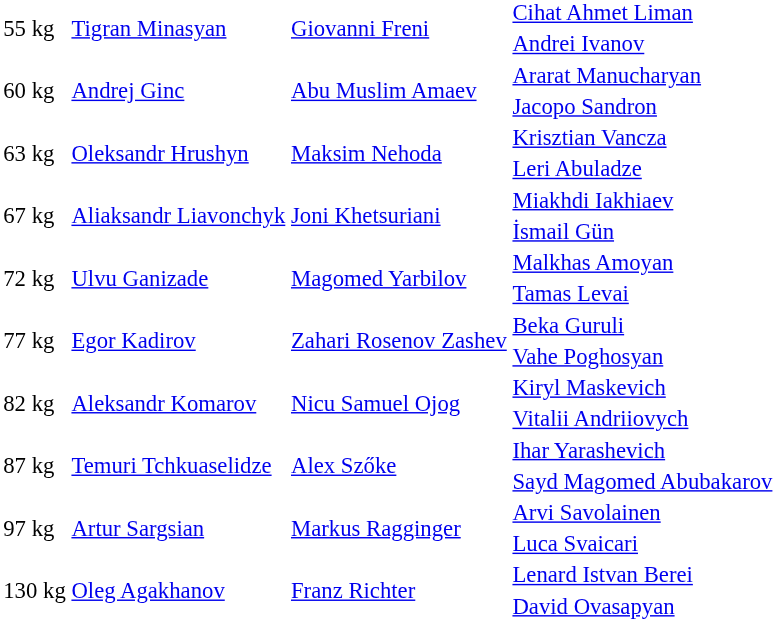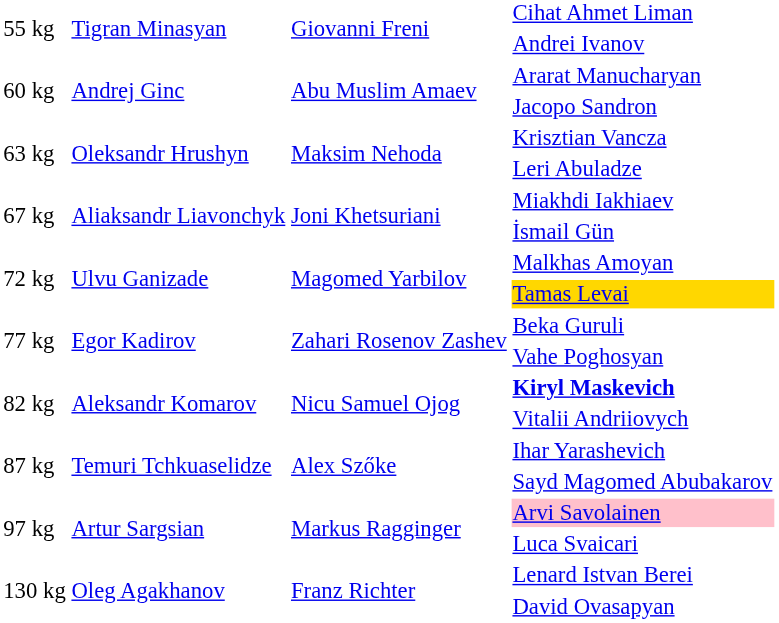 <table>
 <tr>
 <td rowspan=2>55 kg</td>
 <td rowspan=2> <a href='#'>Tigran Minasyan</a></td>
 <td rowspan=2> <a href='#'>Giovanni Freni</a></td>
 <td> <a href='#'>Cihat Ahmet Liman</a></td>
 </tr>
 <tr>
 <td> <a href='#'>Andrei Ivanov</a></td>
 </tr>
 <tr>
 <td rowspan=2>60 kg</td>
 <td rowspan=2> <a href='#'>Andrej Ginc</a></td>
 <td rowspan=2> <a href='#'>Abu Muslim Amaev</a></td>
 <td> <a href='#'>Ararat Manucharyan</a></td>
 </tr>
 <tr>
 <td> <a href='#'>Jacopo Sandron</a></td>
 </tr>
 <tr>
 <td rowspan=2>63 kg</td>
 <td rowspan=2> <a href='#'>Oleksandr Hrushyn</a></td>
 <td rowspan=2> <a href='#'>Maksim Nehoda</a></td>
 <td> <a href='#'>Krisztian Vancza</a></td>
 </tr>
 <tr>
 <td> <a href='#'>Leri Abuladze</a></td>
 </tr>
 <tr>
 <td rowspan=2>67 kg</td>
 <td rowspan=2> <a href='#'>Aliaksandr Liavonchyk</a></td>
 <td rowspan=2> <a href='#'>Joni Khetsuriani</a></td>
 <td> <a href='#'>Miakhdi Iakhiaev</a></td>
 </tr>
 <tr>
 <td> <a href='#'>İsmail Gün</a></td>
 </tr>
 <tr>
 <td rowspan=2>72 kg</td>
 <td rowspan=2> <a href='#'>Ulvu Ganizade</a></td>
 <td rowspan=2> <a href='#'>Magomed Yarbilov</a></td>
 <td> <a href='#'>Malkhas Amoyan</a></td>
 </tr>
 <tr>
-<td> <a href='#'>Tamas Levai</a></td>
+<td style="background: gold;"> <a href='#'>Tamas Levai</a></td>
 </tr>
 <tr>
 <td rowspan=2>77 kg</td>
 <td rowspan=2> <a href='#'>Egor Kadirov</a></td>
 <td rowspan=2> <a href='#'>Zahari Rosenov Zashev</a></td>
 <td> <a href='#'>Beka Guruli</a></td>
 </tr>
 <tr>
 <td> <a href='#'>Vahe Poghosyan</a></td>
 </tr>
 <tr>
 <td rowspan=2>82 kg</td>
 <td rowspan=2> <a href='#'>Aleksandr Komarov</a></td>
 <td rowspan=2> <a href='#'>Nicu Samuel Ojog</a></td>
-<td> <a href='#'>Kiryl Maskevich</a></td>
+<td><strong> <a href='#'>Kiryl Maskevich</a></strong></td>
 </tr>
 <tr>
 <td> <a href='#'>Vitalii Andriiovych</a></td>
 </tr>
 <tr>
 <td rowspan=2>87 kg</td>
 <td rowspan=2> <a href='#'>Temuri Tchkuaselidze</a></td>
 <td rowspan=2> <a href='#'>Alex Szőke</a></td>
 <td> <a href='#'>Ihar Yarashevich</a></td>
 </tr>
 <tr>
 <td> <a href='#'>Sayd Magomed Abubakarov</a></td>
 </tr>
 <tr>
 <td rowspan=2>97 kg</td>
 <td rowspan=2> <a href='#'>Artur Sargsian</a></td>
 <td rowspan=2> <a href='#'>Markus Ragginger</a></td>
-<td> <a href='#'>Arvi Savolainen</a></td>
+<td style="background: pink;"> <a href='#'>Arvi Savolainen</a></td>
 </tr>
 <tr>
 <td> <a href='#'>Luca Svaicari</a></td>
 </tr>
 <tr>
 <td rowspan=2>130 kg</td>
 <td rowspan=2> <a href='#'>Oleg Agakhanov</a></td>
 <td rowspan=2> <a href='#'>Franz Richter</a></td>
 <td> <a href='#'>Lenard Istvan Berei</a></td>
 </tr>
 <tr>
 <td> <a href='#'>David Ovasapyan</a></td>
 </tr>
 </table>
